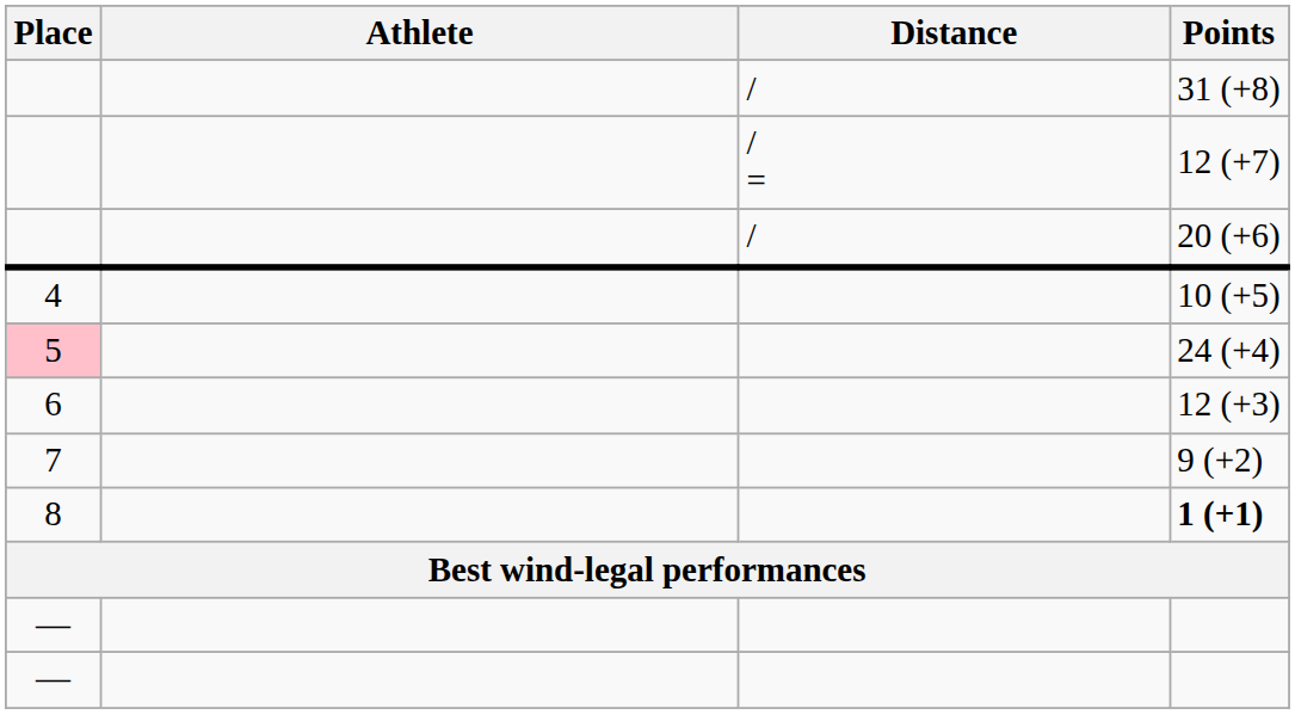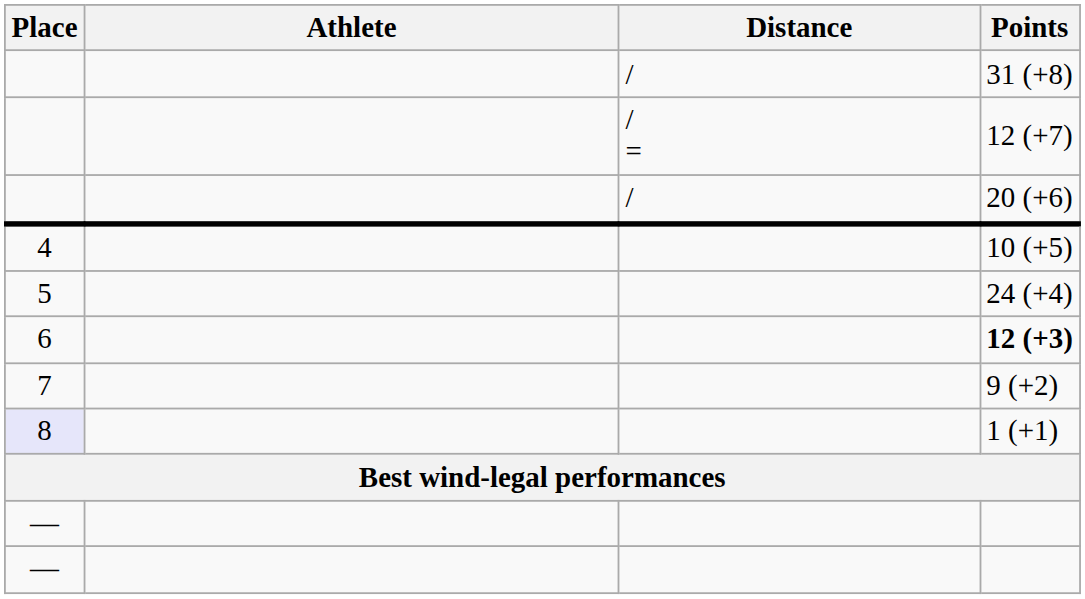 <table class="wikitable sortable">
 <tr>
 <th>Place</th>
 <th style="width:18em">Athlete</th>
 <th style="width:12em">Distance</th>
 <th>Points</th>
 </tr>
 <tr>
 <td align=center></td>
 <td></td>
 <td>  /<br><em> </em></td>
 <td>31 (+8)</td>
 </tr>
 <tr>
 <td align=center></td>
 <td></td>
 <td>  /<br><em> </em> =</td>
 <td>12 (+7)</td>
 </tr>
 <tr>
 <td align=center></td>
 <td></td>
 <td>  /<br><em> </em></td>
 <td>20 (+6)</td>
 </tr>
 <tr style="border-top:3px solid black;">
 <td align=center>4</td>
 <td></td>
 <td> </td>
 <td>10 (+5)</td>
 </tr>
 <tr>
-<td align=center style="background: pink;">5</td>
+<td align=center>5</td>
 <td></td>
 <td> </td>
 <td>24 (+4)</td>
 </tr>
 <tr>
 <td align=center>6</td>
 <td></td>
 <td> </td>
-<td>12 (+3)</td>
+<td><strong>12 (+3)</strong></td>
 </tr>
 <tr>
 <td align=center>7</td>
 <td></td>
 <td> </td>
 <td>9 (+2)</td>
 </tr>
 <tr>
-<td align=center>8</td>
+<td align=center style="background: lavender;">8</td>
 <td></td>
 <td> </td>
-<td><strong>1 (+1)</strong></td>
+<td>1 (+1)</td>
 </tr>
 <tr>
 <th align=center colspan=5>Best wind-legal performances</th>
 </tr>
 <tr>
 <td align=center>—</td>
 <td></td>
 <td> </td>
 <td></td>
 </tr>
 <tr>
 <td align=center>—</td>
 <td></td>
 <td> </td>
 <td></td>
 </tr>
 </table>
